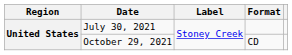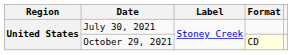 <table class="wikitable plainrowheaders">
 <tr>
 <th scope="col">Region</th>
 <th scope="col">Date</th>
 <th scope="col">Label</th>
 <th scope="col">Format</th>
 <th scope="col"></th>
 </tr>
 <tr>
 <th scope="row" rowspan="2">United States</th>
 <td>July 30, 2021</td>
 <td rowspan="2"><a href='#'>Stoney Creek</a></td>
 <td></td>
 <td></td>
 </tr>
 <tr>
 <td>October 29, 2021</td>
-<td>CD</td>
+<td style="background: lightyellow;">CD</td>
 <td></td>
 </tr>
 </table>
